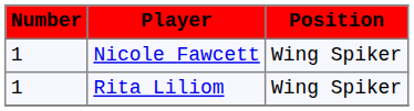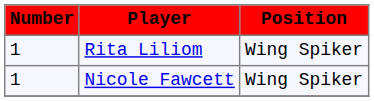 <table bgcolor="#f7f8ff" cellpadding="3" cellspacing="0" border="1" style="font-size: 95%; border: gray solid 1px; border-collapse: collapse;">
 <tr bgcolor="#ff0000">
 <td align=center><strong>Number</strong></td>
 <td align=center><strong>Player</strong></td>
 <td align=center><strong>Position</strong></td>
 </tr>
 <tr align="left">
 <td>1</td>
-<td> <a href='#'>Nicole Fawcett</a></td>
+<td> <a href='#'>Rita Liliom</a></td>
 <td>Wing Spiker</td>
 </tr>
 <tr align="left">
 <td>1</td>
-<td> <a href='#'>Rita Liliom</a></td>
+<td> <a href='#'>Nicole Fawcett</a></td>
 <td>Wing Spiker</td>
 </tr>
 <tr align=left>
 </tr>
 </table>
